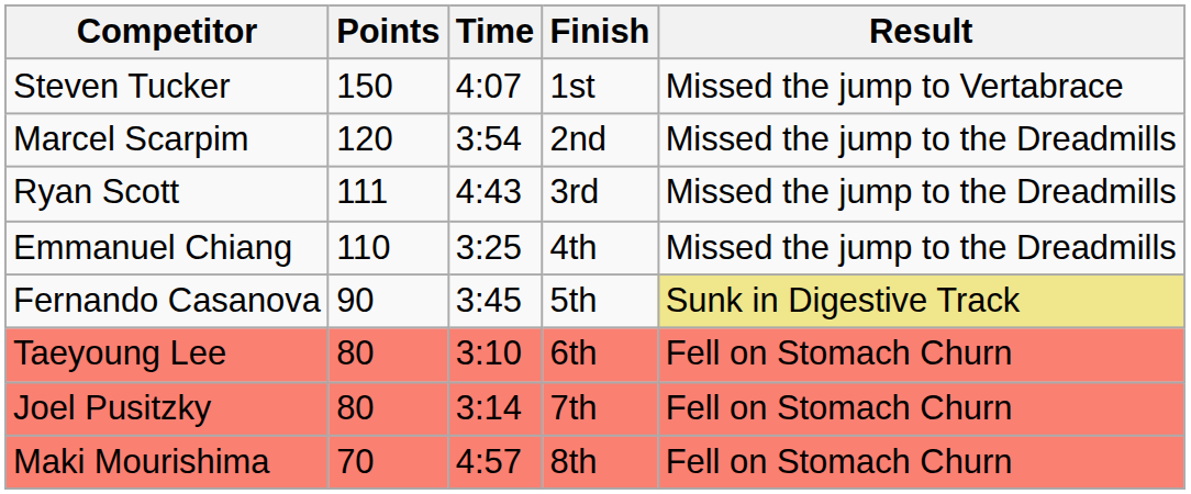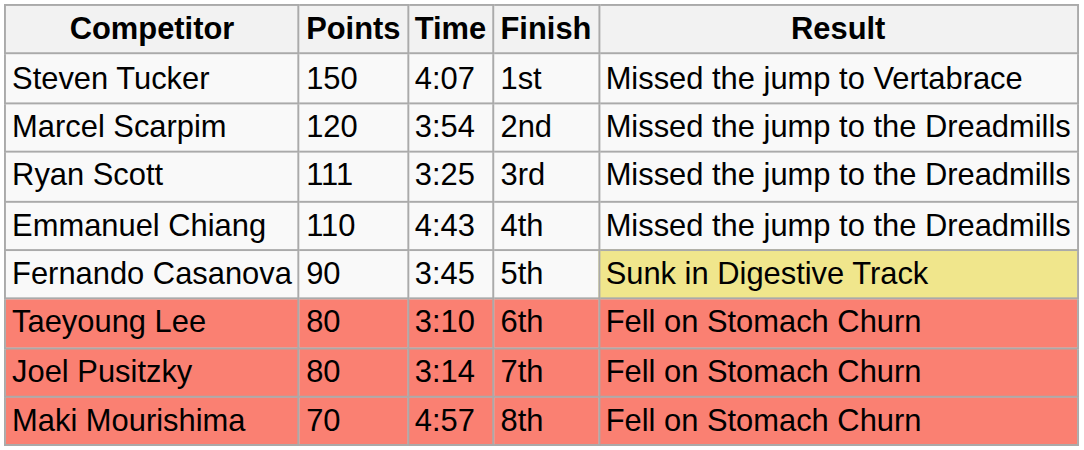 <table class="wikitable sortable">
 <tr>
 <th>Competitor</th>
 <th>Points</th>
 <th>Time</th>
 <th>Finish</th>
 <th>Result</th>
 </tr>
 <tr style="background:royalwhite">
 <td> Steven Tucker</td>
 <td>150</td>
 <td>4:07</td>
 <td>1st</td>
 <td>Missed the jump to Vertabrace</td>
 </tr>
 <tr>
 <td> Marcel Scarpim</td>
 <td>120</td>
 <td>3:54</td>
 <td>2nd</td>
 <td>Missed the jump to the Dreadmills</td>
 </tr>
 <tr>
 <td> Ryan Scott</td>
 <td>111</td>
-<td>4:43</td>
+<td>3:25</td>
 <td>3rd</td>
 <td>Missed the jump to the Dreadmills</td>
 </tr>
 <tr>
 <td> Emmanuel Chiang</td>
 <td>110</td>
-<td>3:25</td>
+<td>4:43</td>
 <td>4th</td>
 <td>Missed the jump to the Dreadmills</td>
 </tr>
 <tr>
 <td> Fernando Casanova</td>
 <td>90</td>
 <td>3:45</td>
 <td>5th</td>
 <td style="background: khaki;">Sunk in Digestive Track</td>
 </tr>
 <tr style="background-color:#fa8072">
 <td> Taeyoung Lee</td>
 <td>80</td>
 <td>3:10</td>
 <td>6th</td>
 <td>Fell on Stomach Churn</td>
 </tr>
 <tr style="background-color:#fa8072">
 <td> Joel Pusitzky</td>
 <td>80</td>
 <td>3:14</td>
 <td>7th</td>
 <td>Fell on Stomach Churn</td>
 </tr>
 <tr style="background-color:#fa8072">
 <td> Maki Mourishima</td>
 <td>70</td>
 <td>4:57</td>
 <td>8th</td>
 <td>Fell on Stomach Churn</td>
 </tr>
 </table>
